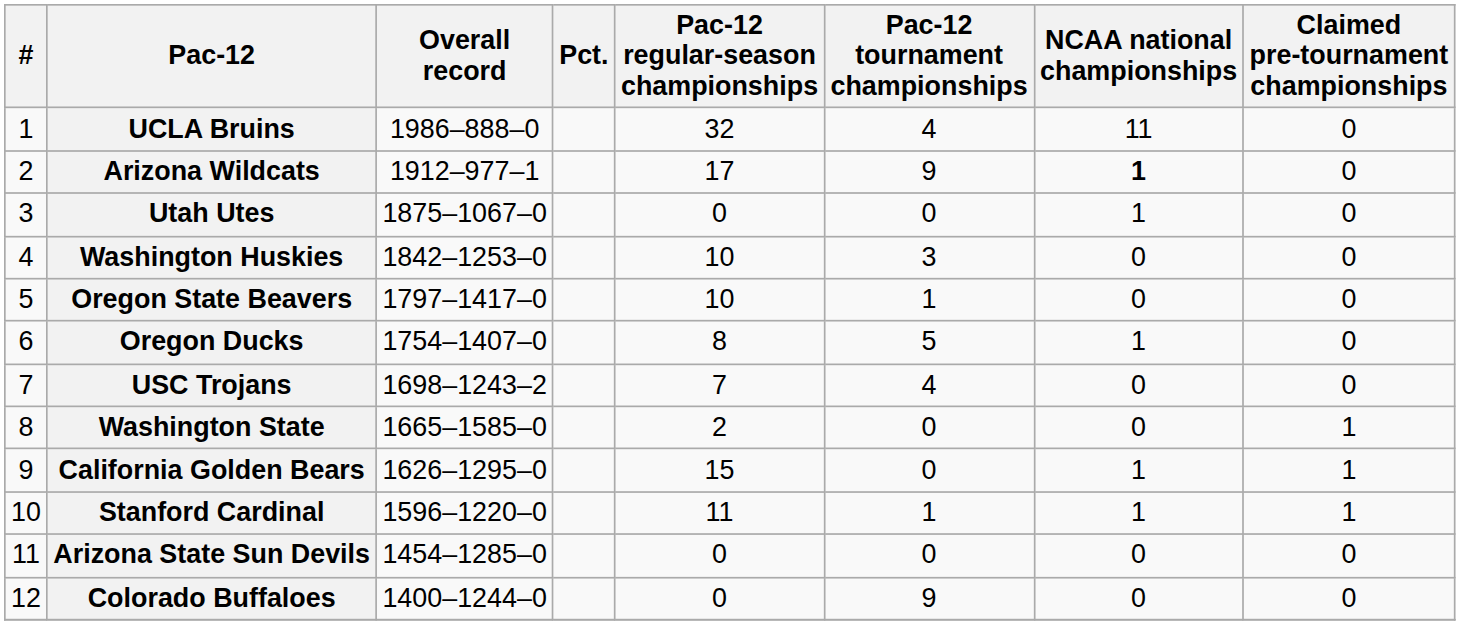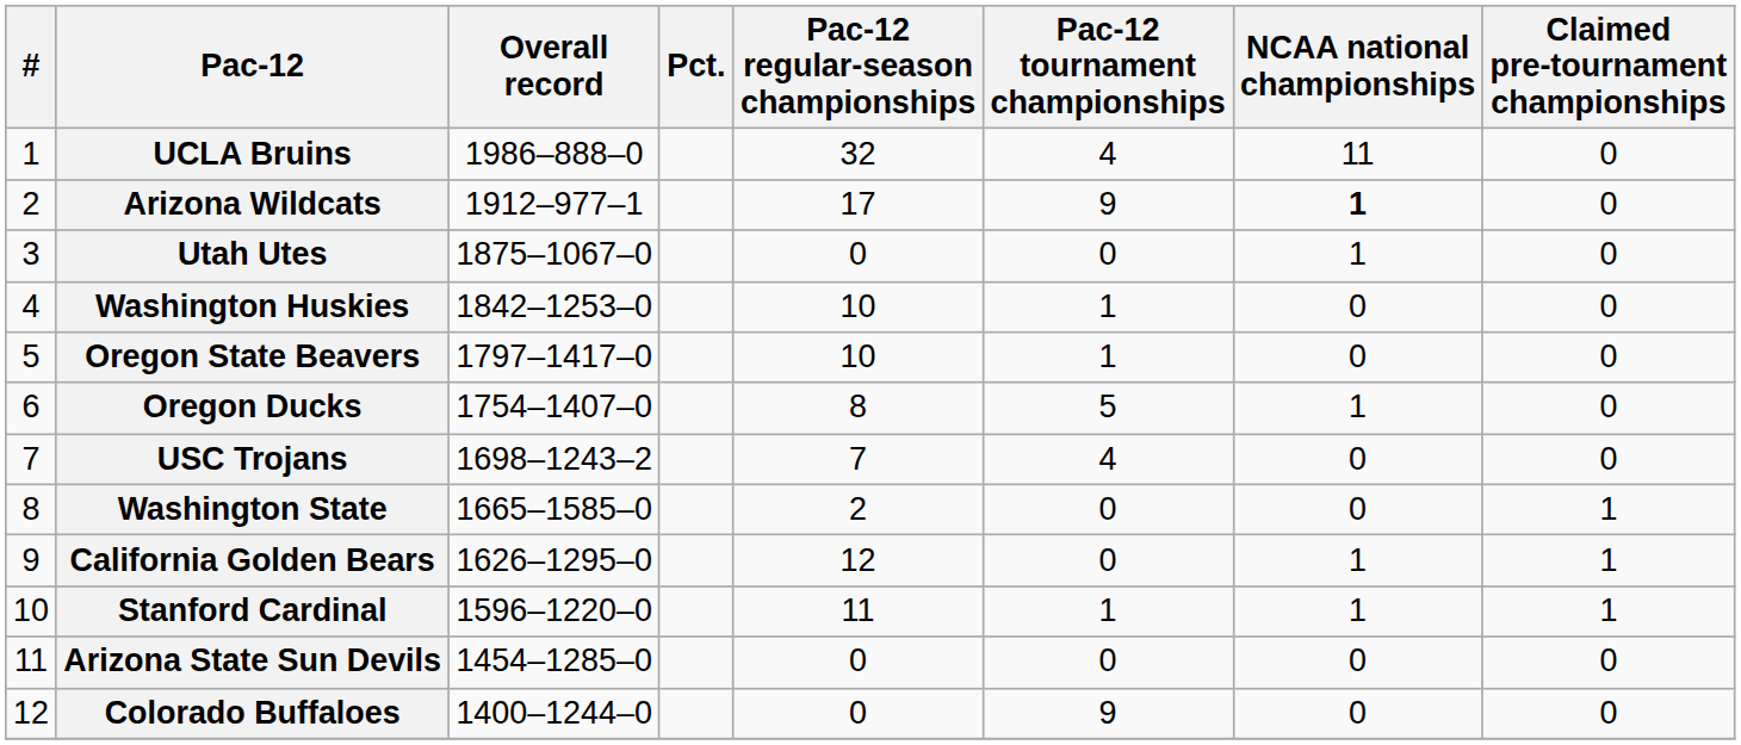 <table class="wikitable sortable" style="text-align:center">
 <tr>
 <th scope="col">#</th>
 <th scope="col">Pac-12</th>
 <th scope="col">Overall<br>record</th>
 <th scope="col">Pct.</th>
 <th scope="col">Pac-12<br>regular-season<br>championships</th>
 <th scope="col">Pac-12<br>tournament<br>championships</th>
 <th scope="col">NCAA national<br>championships</th>
 <th scope="col">Claimed<br>pre-tournament<br>championships</th>
 </tr>
 <tr>
 <td>1</td>
 <th>UCLA Bruins</th>
 <td>1986–888–0</td>
 <td></td>
 <td>32</td>
 <td>4</td>
 <td>11</td>
 <td>0</td>
 </tr>
 <tr>
 <td>2</td>
 <th>Arizona Wildcats</th>
 <td>1912–977–1</td>
 <td></td>
 <td>17</td>
 <td>9</td>
 <td><strong>1</strong></td>
 <td>0</td>
 </tr>
 <tr>
 <td>3</td>
 <th>Utah Utes</th>
 <td>1875–1067–0</td>
 <td></td>
 <td>0</td>
 <td>0</td>
 <td>1</td>
 <td>0</td>
 </tr>
 <tr>
 <td>4</td>
 <th>Washington Huskies</th>
 <td>1842–1253–0</td>
 <td></td>
 <td>10</td>
-<td>3</td>
+<td>1</td>
 <td>0</td>
 <td>0</td>
 </tr>
 <tr>
 <td>5</td>
 <th>Oregon State Beavers</th>
 <td>1797–1417–0</td>
 <td></td>
 <td>10</td>
 <td>1</td>
 <td>0</td>
 <td>0</td>
 </tr>
 <tr>
 <td>6</td>
 <th>Oregon Ducks</th>
 <td>1754–1407–0</td>
 <td></td>
 <td>8</td>
 <td>5</td>
 <td>1</td>
 <td>0</td>
 </tr>
 <tr>
 <td>7</td>
 <th>USC Trojans</th>
 <td>1698–1243–2</td>
 <td></td>
 <td>7</td>
 <td>4</td>
 <td>0</td>
 <td>0</td>
 </tr>
 <tr>
 <td>8</td>
 <th>Washington State</th>
 <td>1665–1585–0</td>
 <td></td>
 <td>2</td>
 <td>0</td>
 <td>0</td>
 <td>1</td>
 </tr>
 <tr>
 <td>9</td>
 <th>California Golden Bears</th>
 <td>1626–1295–0</td>
 <td></td>
-<td>15</td>
+<td>12</td>
 <td>0</td>
 <td>1</td>
 <td>1</td>
 </tr>
 <tr>
 <td>10</td>
 <th>Stanford Cardinal</th>
 <td>1596–1220–0</td>
 <td></td>
 <td>11</td>
 <td>1</td>
 <td>1</td>
 <td>1</td>
 </tr>
 <tr>
 <td>11</td>
 <th>Arizona State Sun Devils</th>
 <td>1454–1285–0</td>
 <td></td>
 <td>0</td>
 <td>0</td>
 <td>0</td>
 <td>0</td>
 </tr>
 <tr>
 <td>12</td>
 <th>Colorado Buffaloes</th>
 <td>1400–1244–0</td>
 <td></td>
 <td>0</td>
 <td>9</td>
 <td>0</td>
 <td>0</td>
 </tr>
 <tr>
 </tr>
 </table>
